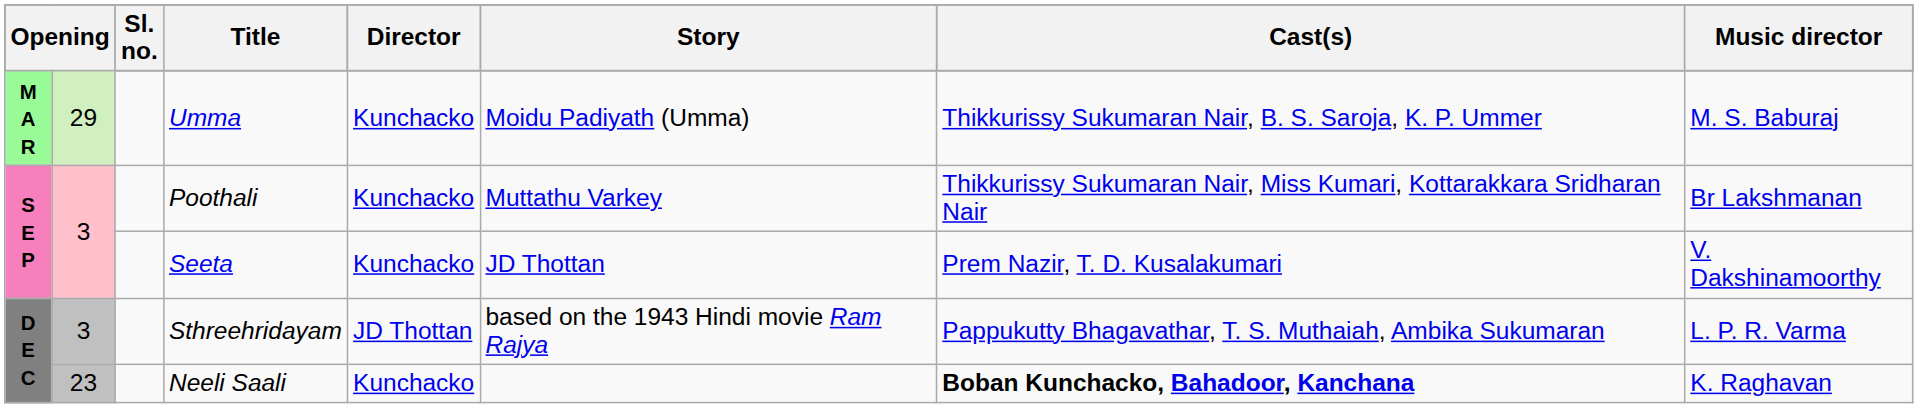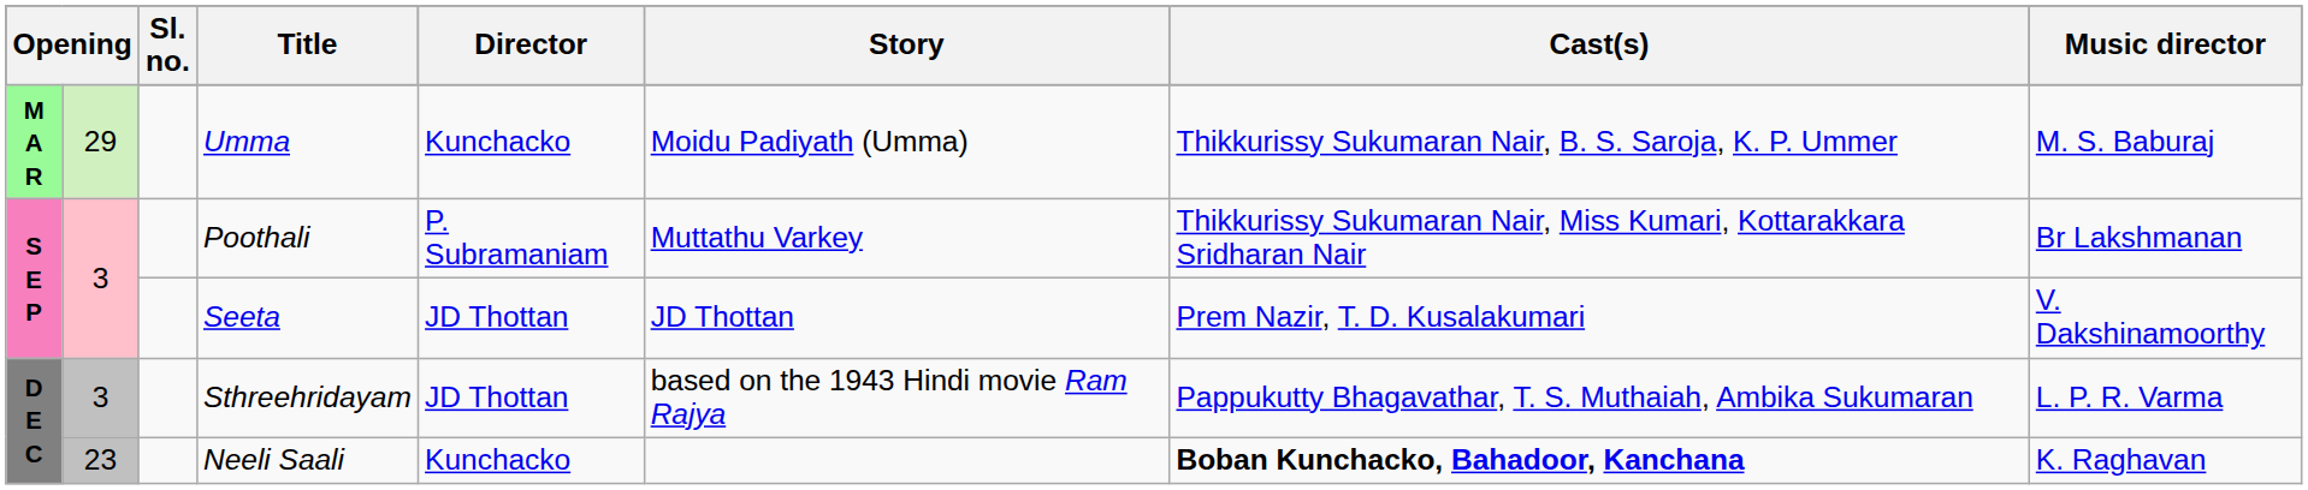 <table class="wikitable">
 <tr style="background:#000;">
 <th colspan='2'>Opening</th>
 <th>Sl.<br>no.</th>
 <th>Title</th>
 <th>Director</th>
 <th>Story</th>
 <th>Cast(s)</th>
 <th>Music director</th>
 </tr>
 <tr>
 <td rowspan="1" style="text-align:center; background:#98fb98; textcolor:#000;"><small><strong>M<br>A<br>R</strong></small></td>
 <td rowspan="1"  style="text-align:center; background:#D0F0C0; textcolor:#000;">29</td>
 <td valign="center"></td>
 <td><em><a href='#'>Umma</a></em></td>
 <td><a href='#'>Kunchacko</a></td>
 <td><a href='#'>Moidu Padiyath</a> (Umma)</td>
 <td><a href='#'>Thikkurissy Sukumaran Nair</a>, <a href='#'>B. S. Saroja</a>, <a href='#'>K. P. Ummer</a></td>
 <td><a href='#'>M. S. Baburaj</a></td>
 </tr>
 <tr>
 <td rowspan="2" style="text-align:center; background:#F77FBE; textcolor:#000;"><small><strong>S<br>E<br>P</strong></small></td>
 <td rowspan="2"  style="text-align:center; background:#FFC0CB; textcolor:#000;">3</td>
 <td valign="center"></td>
 <td><em>Poothali</em></td>
-<td><a href='#'>Kunchacko</a></td>
+<td><a href='#'>P. Subramaniam</a></td>
 <td><a href='#'>Muttathu Varkey</a></td>
 <td><a href='#'>Thikkurissy Sukumaran Nair</a>, <a href='#'>Miss Kumari</a>, <a href='#'>Kottarakkara Sridharan Nair</a></td>
 <td><a href='#'>Br Lakshmanan</a></td>
 </tr>
 <tr>
 <td valign="center"></td>
 <td><em><a href='#'>Seeta</a></em></td>
-<td><a href='#'>Kunchacko</a></td>
+<td><a href='#'>JD Thottan</a></td>
 <td><a href='#'>JD Thottan</a></td>
 <td><a href='#'>Prem Nazir</a>, <a href='#'>T. D. Kusalakumari</a></td>
 <td><a href='#'>V. Dakshinamoorthy</a></td>
 </tr>
 <tr>
 <td rowspan="2" style="text-align:center; background:#808080; textcolor:#000;"><small><strong>D<br>E<br>C</strong></small></td>
 <td rowspan="1"  style="text-align:center; background:#C0C0C0; textcolor:#000;">3</td>
 <td valign="center"></td>
 <td><em>Sthreehridayam</em></td>
 <td><a href='#'>JD Thottan</a></td>
 <td>based on the 1943 Hindi movie <em><a href='#'>Ram Rajya</a></em></td>
 <td><a href='#'>Pappukutty Bhagavathar</a>, <a href='#'>T. S. Muthaiah</a>, <a href='#'>Ambika Sukumaran</a></td>
 <td><a href='#'>L. P. R. Varma</a></td>
 </tr>
 <tr>
 <td rowspan="1"  style="text-align:center; background:#C0C0C0; textcolor:#000;">23</td>
 <td valign="center"></td>
 <td><em>Neeli Saali</em></td>
 <td><a href='#'>Kunchacko</a></td>
 <td></td>
 <td><strong>Boban Kunchacko, <a href='#'>Bahadoor</a>, <a href='#'>Kanchana</a></strong></td>
 <td><a href='#'>K. Raghavan</a></td>
 </tr>
 </table>
